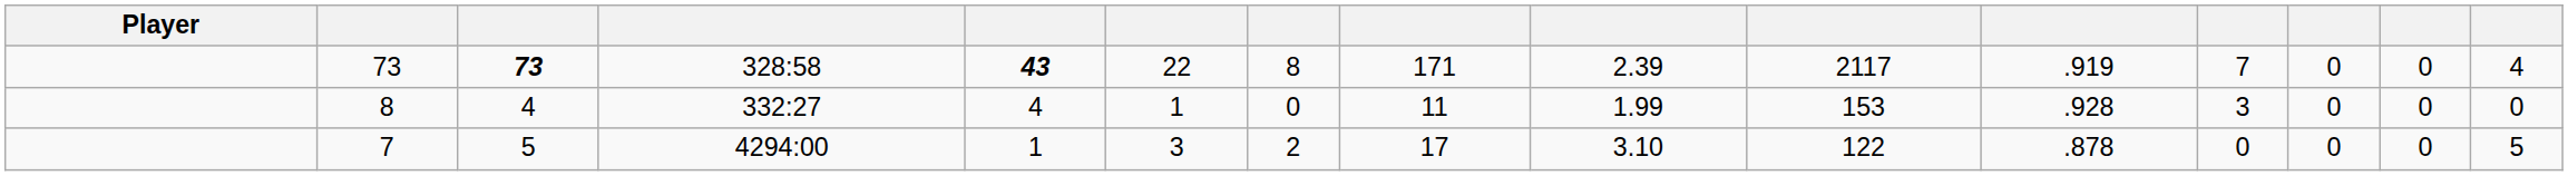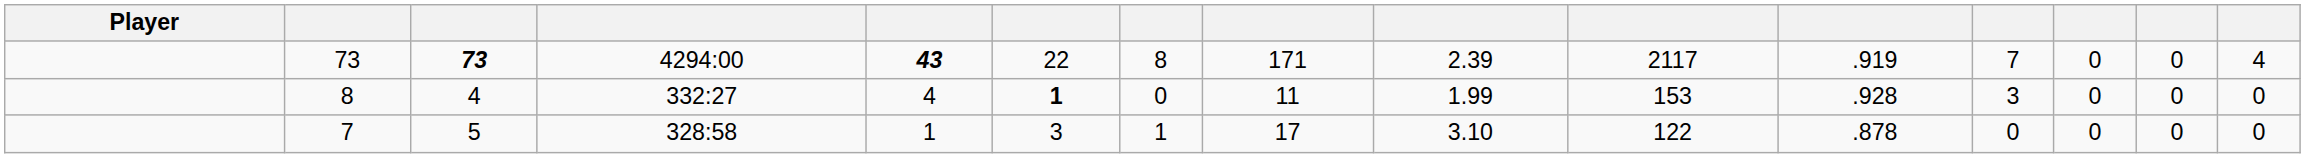 <table class="wikitable sortable" style="width:100%; text-align:center;">
 <tr>
 <th>Player</th>
 <th></th>
 <th></th>
 <th></th>
 <th></th>
 <th></th>
 <th></th>
 <th></th>
 <th></th>
 <th></th>
 <th></th>
 <th></th>
 <th></th>
 <th></th>
 <th></th>
 </tr>
 <tr>
 <td></td>
 <td>73</td>
 <td><strong><em>73</em></strong></td>
-<td>328:58</td>
+<td>4294:00</td>
 <td><strong><em>43</em></strong></td>
 <td>22</td>
 <td>8</td>
 <td>171</td>
 <td>2.39</td>
 <td>2117</td>
 <td>.919</td>
 <td>7</td>
 <td>0</td>
 <td>0</td>
 <td>4</td>
 </tr>
 <tr>
 <td></td>
 <td>8</td>
 <td>4</td>
 <td>332:27</td>
 <td>4</td>
-<td>1</td>
+<td><strong>1</strong></td>
 <td>0</td>
 <td>11</td>
 <td>1.99</td>
 <td>153</td>
 <td>.928</td>
 <td>3</td>
 <td>0</td>
 <td>0</td>
 <td>0</td>
 </tr>
 <tr>
 <td></td>
 <td>7</td>
 <td>5</td>
-<td>4294:00</td>
+<td>328:58</td>
 <td>1</td>
 <td>3</td>
-<td>2</td>
+<td>1</td>
 <td>17</td>
 <td>3.10</td>
 <td>122</td>
 <td>.878</td>
 <td>0</td>
 <td>0</td>
 <td>0</td>
-<td>5</td>
+<td>0</td>
 </tr>
 </table>
